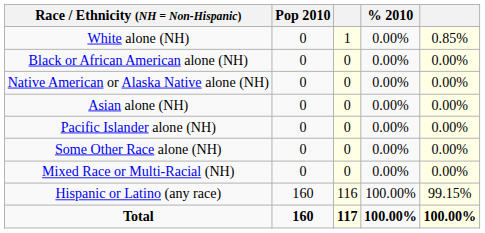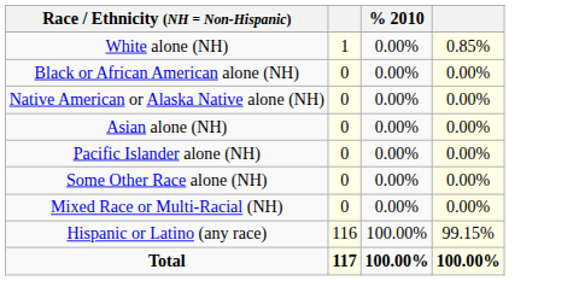 <table class="wikitable" style="text-align:center;">
 <tr>
 <th>Race / Ethnicity <small>(<em>NH = Non-Hispanic</em>)</small></th>
-<th>Pop 2010</th>
 <th></th>
 <th>% 2010</th>
 <th></th>
 </tr>
 <tr>
 <td><a href='#'>White</a> alone (NH)</td>
-<td>0</td>
 <td style='background: #ffffe6;'>1</td>
 <td>0.00%</td>
 <td style='background: #ffffe6;'>0.85%</td>
 </tr>
 <tr>
 <td><a href='#'>Black or African American</a> alone (NH)</td>
-<td>0</td>
 <td style='background: #ffffe6;'>0</td>
 <td>0.00%</td>
 <td style='background: #ffffe6;'>0.00%</td>
 </tr>
 <tr>
 <td><a href='#'>Native American</a> or <a href='#'>Alaska Native</a> alone (NH)</td>
-<td>0</td>
 <td style='background: #ffffe6;'>0</td>
 <td>0.00%</td>
 <td style='background: #ffffe6;'>0.00%</td>
 </tr>
 <tr>
 <td><a href='#'>Asian</a> alone (NH)</td>
-<td>0</td>
 <td style='background: #ffffe6;'>0</td>
 <td>0.00%</td>
 <td style='background: #ffffe6;'>0.00%</td>
 </tr>
 <tr>
 <td><a href='#'>Pacific Islander</a> alone (NH)</td>
-<td>0</td>
 <td style='background: #ffffe6;'>0</td>
 <td>0.00%</td>
 <td style='background: #ffffe6;'>0.00%</td>
 </tr>
 <tr>
 <td><a href='#'>Some Other Race</a> alone (NH)</td>
-<td>0</td>
 <td style='background: #ffffe6;'>0</td>
 <td>0.00%</td>
 <td style='background: #ffffe6;'>0.00%</td>
 </tr>
 <tr>
 <td><a href='#'>Mixed Race or Multi-Racial</a> (NH)</td>
-<td>0</td>
 <td style='background: #ffffe6;'>0</td>
 <td>0.00%</td>
 <td style='background: #ffffe6;'>0.00%</td>
 </tr>
 <tr>
 <td><a href='#'>Hispanic or Latino</a> (any race)</td>
-<td>160</td>
 <td style='background: #ffffe6;'>116</td>
 <td>100.00%</td>
 <td style='background: #ffffe6;'>99.15%</td>
 </tr>
 <tr>
 <td><strong>Total</strong></td>
-<td><strong>160</strong></td>
 <td style='background: #ffffe6;'><strong>117</strong></td>
 <td><strong>100.00%</strong></td>
 <td style='background: #ffffe6;'><strong>100.00%</strong></td>
 </tr>
 </table>
